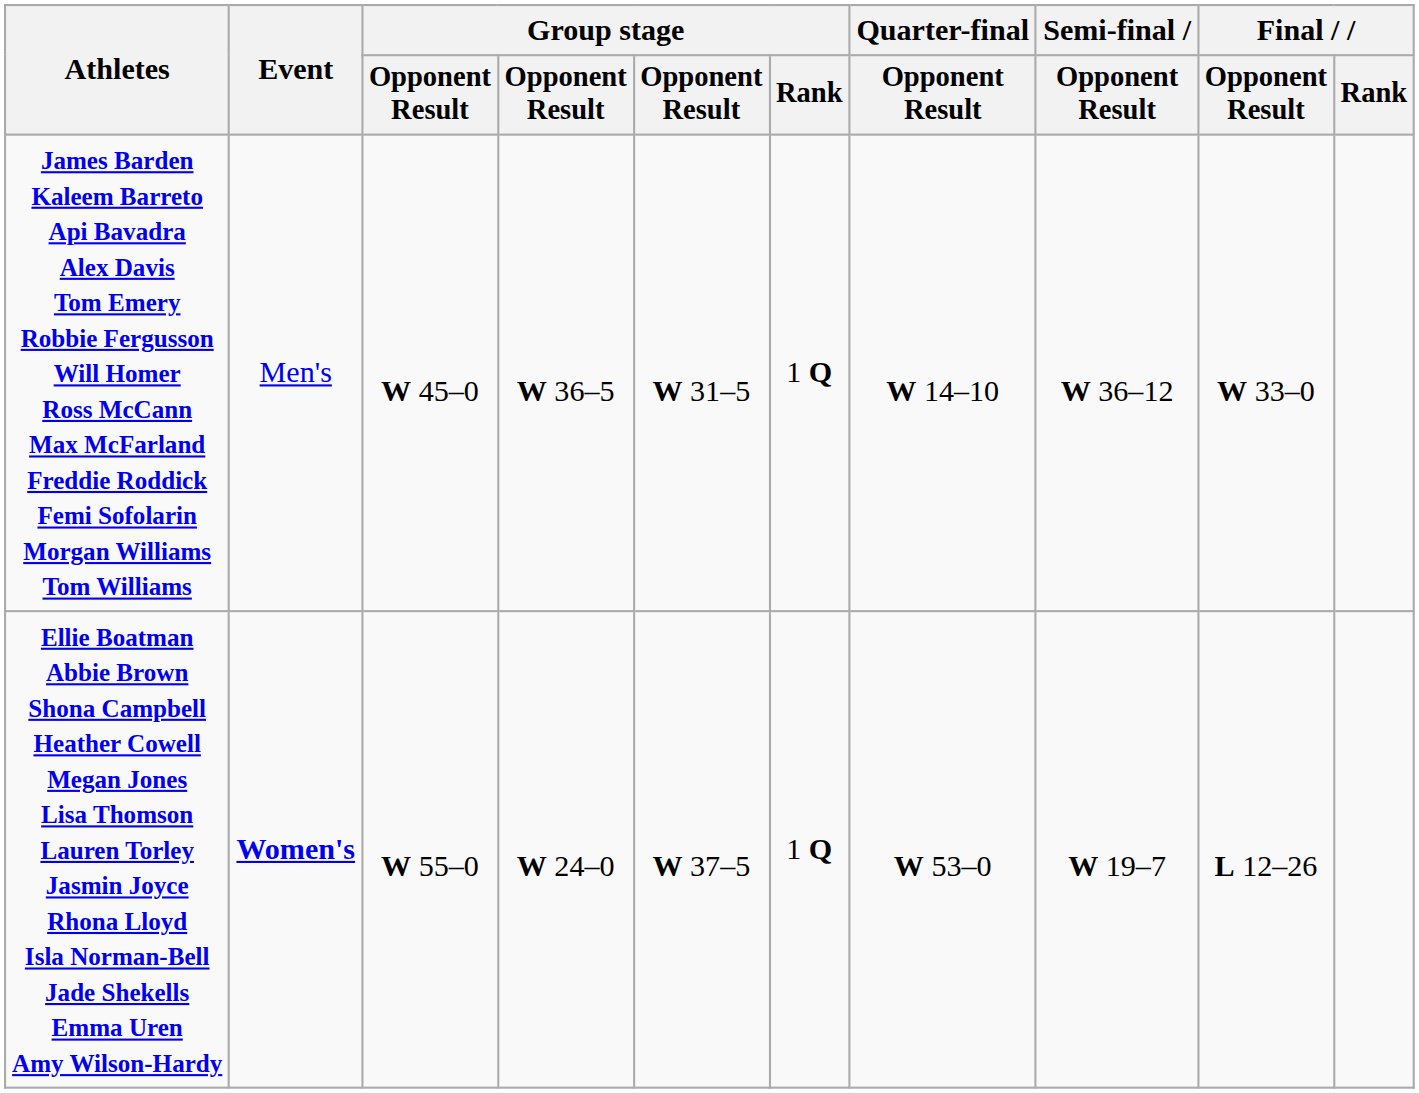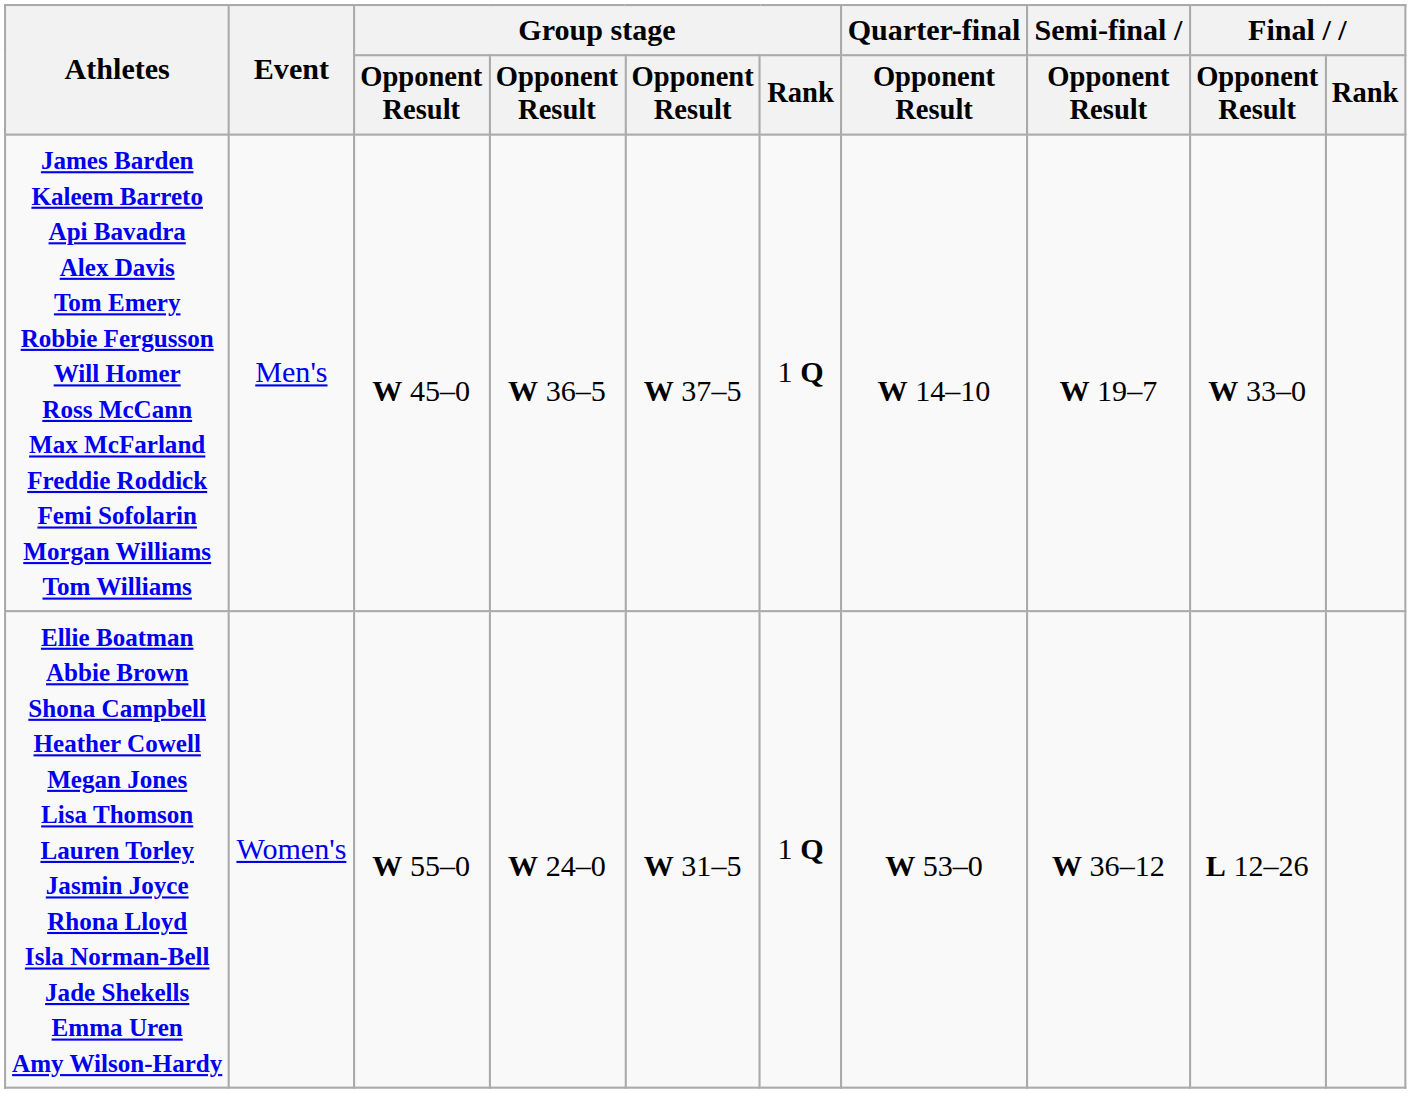 <table class=wikitable style=text-align:center;font-size:90%>
 <tr>
 <th rowspan=2>Athletes</th>
 <th rowspan=2>Event</th>
 <th colspan=4>Group stage</th>
 <th>Quarter-final</th>
 <th>Semi-final / </th>
 <th colspan=2>Final /  / </th>
 </tr>
 <tr style=font-size:95%>
 <th>Opponent<br>Result</th>
 <th>Opponent<br>Result</th>
 <th>Opponent<br>Result</th>
 <th>Rank</th>
 <th>Opponent<br>Result</th>
 <th>Opponent<br>Result</th>
 <th>Opponent<br>Result</th>
 <th>Rank</th>
 </tr>
 <tr>
 <td><small><strong><a href='#'>James Barden</a></strong><br><strong><a href='#'>Kaleem Barreto</a></strong><br><strong><a href='#'>Api Bavadra</a></strong> <br><strong><a href='#'>Alex Davis</a></strong><br><strong><a href='#'>Tom Emery</a></strong><br><strong><a href='#'>Robbie Fergusson</a></strong><br><strong><a href='#'>Will Homer</a></strong><br></small><small><strong><a href='#'>Ross McCann</a></strong><br><strong><a href='#'>Max McFarland</a></strong><br><strong><a href='#'>Freddie Roddick</a></strong><br><strong><a href='#'>Femi Sofolarin</a></strong><br><strong><a href='#'>Morgan Williams</a></strong><br><strong><a href='#'>Tom Williams</a></strong></small></td>
 <td><a href='#'>Men's</a></td>
 <td><br><strong>W</strong> 45–0</td>
 <td><br><strong>W</strong> 36–5</td>
-<td><br><strong>W</strong> 31–5</td>
+<td><br><strong>W</strong> 37–5</td>
 <td>1 <strong>Q</strong></td>
 <td><br><strong>W</strong> 14–10</td>
-<td><br><strong>W</strong> 36–12</td>
+<td><br><strong>W</strong> 19–7</td>
 <td><br><strong>W</strong> 33–0</td>
 <td></td>
 </tr>
 <tr>
 <td><small><strong><a href='#'>Ellie Boatman</a></strong><br><strong><a href='#'>Abbie Brown</a></strong><br><strong><a href='#'>Shona Campbell</a></strong><br><strong><a href='#'>Heather Cowell</a></strong><br><strong><a href='#'>Megan Jones</a></strong><br><strong><a href='#'>Lisa Thomson</a></strong><br><strong><a href='#'>Lauren Torley</a></strong><br></small><small><strong><a href='#'>Jasmin Joyce</a></strong><br><strong><a href='#'>Rhona Lloyd</a></strong><br><strong><a href='#'>Isla Norman-Bell</a></strong><br><strong><a href='#'>Jade Shekells</a></strong><br><strong><a href='#'>Emma Uren</a></strong><br><strong><a href='#'>Amy Wilson-Hardy</a></strong></small></td>
-<td><strong><a href='#'>Women's</a></strong></td>
+<td><a href='#'>Women's</a></td>
 <td><br><strong>W</strong> 55–0</td>
 <td><br><strong>W</strong> 24–0</td>
-<td><br><strong>W</strong> 37–5</td>
+<td><br><strong>W</strong> 31–5</td>
 <td>1 <strong>Q</strong></td>
 <td><br><strong>W</strong> 53–0</td>
-<td><br><strong>W</strong> 19–7</td>
+<td><br><strong>W</strong> 36–12</td>
 <td><br><strong>L</strong> 12–26</td>
 <td></td>
 </tr>
 </table>
